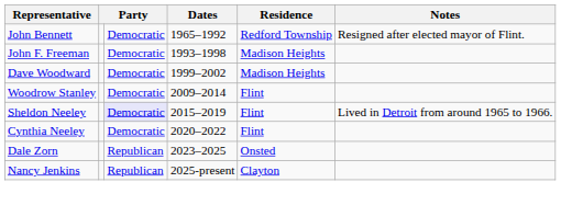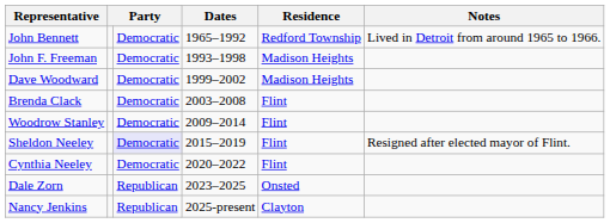 <table class=wikitable>
 <tr valign=bottom>
 <th>Representative</th>
 <th colspan="2">Party</th>
 <th>Dates</th>
 <th>Residence</th>
 <th>Notes</th>
 </tr>
 <tr>
 <td><a href='#'>John Bennett</a></td>
 <td bgcolor=></td>
 <td><a href='#'>Democratic</a></td>
 <td>1965–1992</td>
 <td><a href='#'>Redford Township</a></td>
-<td>Resigned after elected mayor of Flint.</td>
+<td>Lived in <a href='#'>Detroit</a> from around 1965 to 1966.</td>
 </tr>
 <tr>
 <td><a href='#'>John F. Freeman</a></td>
 <td bgcolor=></td>
 <td><a href='#'>Democratic</a></td>
 <td>1993–1998</td>
 <td><a href='#'>Madison Heights</a></td>
 <td></td>
 </tr>
 <tr>
 <td><a href='#'>Dave Woodward</a></td>
 <td bgcolor=></td>
 <td><a href='#'>Democratic</a></td>
 <td>1999–2002</td>
 <td><a href='#'>Madison Heights</a></td>
 <td></td>
 </tr>
 <tr>
+<td><a href='#'>Brenda Clack</a></td>
+<td bgcolor=></td>
+<td><a href='#'>Democratic</a></td>
+<td>2003–2008</td>
+<td><a href='#'>Flint</a></td>
+<td></td>
+</tr>
+<tr>
 <td><a href='#'>Woodrow Stanley</a></td>
 <td bgcolor=></td>
 <td><a href='#'>Democratic</a></td>
 <td>2009–2014</td>
 <td><a href='#'>Flint</a></td>
 <td></td>
 </tr>
 <tr>
 <td><a href='#'>Sheldon Neeley</a></td>
 <td bgcolor=></td>
 <td style="background: lavender;"><a href='#'>Democratic</a></td>
 <td>2015–2019</td>
 <td><a href='#'>Flint</a></td>
-<td>Lived in <a href='#'>Detroit</a> from around 1965 to 1966.</td>
+<td>Resigned after elected mayor of Flint.</td>
 </tr>
 <tr>
 <td><a href='#'>Cynthia Neeley</a></td>
 <td bgcolor=></td>
 <td><a href='#'>Democratic</a></td>
 <td>2020–2022</td>
 <td><a href='#'>Flint</a></td>
 <td></td>
 </tr>
 <tr>
 <td><a href='#'>Dale Zorn</a></td>
 <td></td>
 <td><a href='#'>Republican</a></td>
 <td>2023–2025</td>
 <td><a href='#'>Onsted</a></td>
 <td></td>
 </tr>
 <tr>
 <td><a href='#'>Nancy Jenkins</a></td>
 <td bgcolor=></td>
 <td><a href='#'>Republican</a></td>
 <td>2025-present</td>
 <td><a href='#'>Clayton</a></td>
 <td></td>
 </tr>
 </table>
